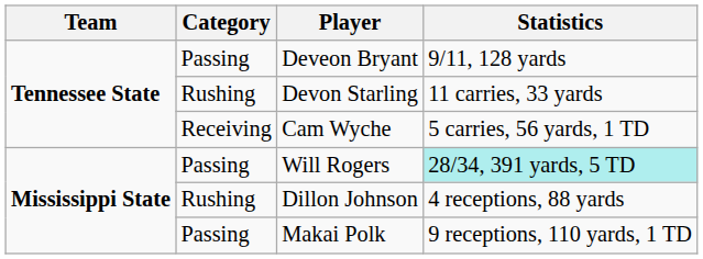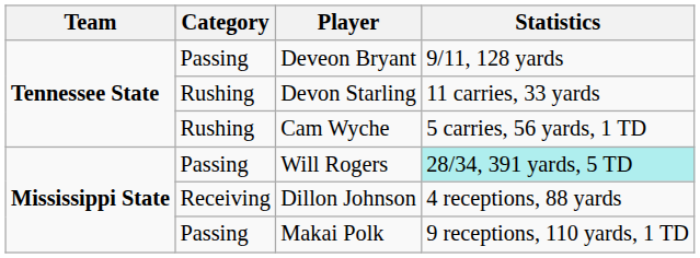 <table class="wikitable" style="float: right;">
 <tr>
 <th>Team</th>
 <th>Category</th>
 <th>Player</th>
 <th>Statistics</th>
 </tr>
 <tr>
 <td rowspan=3><strong>Tennessee State</strong></td>
 <td>Passing</td>
 <td>Deveon Bryant</td>
 <td>9/11, 128 yards</td>
 </tr>
 <tr>
 <td>Rushing</td>
 <td>Devon Starling</td>
 <td>11 carries, 33 yards</td>
 </tr>
 <tr>
-<td>Receiving</td>
+<td>Rushing</td>
 <td>Cam Wyche</td>
 <td>5 carries, 56 yards, 1 TD</td>
 </tr>
 <tr>
 <td rowspan=3><strong>Mississippi State</strong></td>
 <td>Passing</td>
 <td>Will Rogers</td>
 <td style="background: paleturquoise;">28/34, 391 yards, 5 TD</td>
 </tr>
 <tr>
-<td>Rushing</td>
+<td>Receiving</td>
 <td>Dillon Johnson</td>
 <td>4 receptions, 88 yards</td>
 </tr>
 <tr>
 <td>Passing</td>
 <td>Makai Polk</td>
 <td>9 receptions, 110 yards, 1 TD</td>
 </tr>
 </table>
